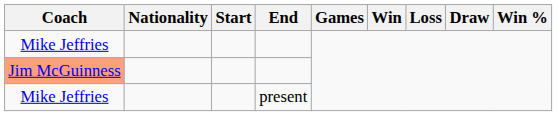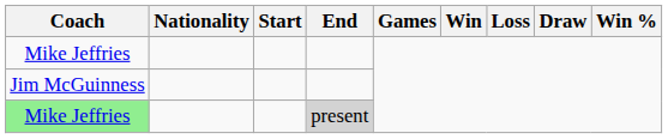 <table class="wikitable" style="text-align:center; margin-left: lem;">
 <tr>
 <th>Coach</th>
 <th>Nationality</th>
 <th>Start</th>
 <th>End</th>
 <th>Games</th>
 <th><strong>Win</strong></th>
 <th>Loss</th>
 <th>Draw</th>
 <th>Win %</th>
 </tr>
 <tr>
 <td><a href='#'>Mike Jeffries</a></td>
 <td></td>
 <td></td>
 <td><br></td>
 </tr>
 <tr>
-<td style="background: lightsalmon;"><a href='#'>Jim McGuinness</a></td>
+<td><a href='#'>Jim McGuinness</a></td>
 <td></td>
 <td></td>
 <td><br></td>
 </tr>
 <tr>
-<td><a href='#'>Mike Jeffries</a></td>
+<td style="background: lightgreen;"><a href='#'>Mike Jeffries</a></td>
 <td></td>
 <td></td>
-<td>present<br></td>
+<td style="background: lightgrey;">present<br></td>
 </tr>
 </table>
